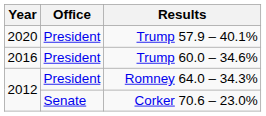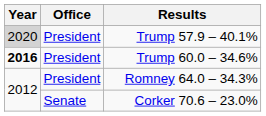 <table class=wikitable>
 <tr>
 <th width="30">Year</th>
 <th width="60">Office</th>
 <th width="180">Results</th>
 </tr>
 <tr>
-<td>2020</td>
+<td style="background: lightgrey;">2020</td>
 <td><a href='#'>President</a></td>
 <td align="right" ><a href='#'>Trump</a> 57.9 – 40.1%</td>
 </tr>
 <tr>
-<td>2016</td>
+<td><strong>2016</strong></td>
 <td><a href='#'>President</a></td>
 <td align="right" ><a href='#'>Trump</a> 60.0 – 34.6%</td>
 </tr>
 <tr>
 <td rowspan="2">2012</td>
 <td><a href='#'>President</a></td>
 <td align="right" ><a href='#'>Romney</a> 64.0 – 34.3%</td>
 </tr>
 <tr>
 <td><a href='#'>Senate</a></td>
 <td align="right" ><a href='#'>Corker</a> 70.6 – 23.0%</td>
 </tr>
 </table>
